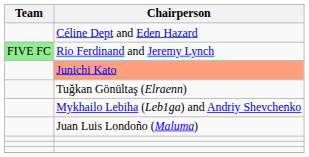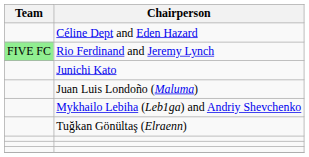 <table class="wikitable sortable" style="text-align: left;">
 <tr>
 <th>Team</th>
 <th>Chairperson</th>
 </tr>
 <tr>
 <td></td>
 <td> <a href='#'>Céline Dept</a> and <a href='#'>Eden Hazard</a></td>
 </tr>
 <tr>
 <td style="background: lightgreen;"> FIVE FC</td>
 <td> <a href='#'>Rio Ferdinand</a> and <a href='#'>Jeremy Lynch</a></td>
 </tr>
 <tr>
 <td></td>
-<td style="background: lightsalmon;"> <a href='#'>Junichi Kato</a></td>
+<td> <a href='#'>Junichi Kato</a></td>
 </tr>
 <tr>
 <td></td>
-<td> Tuğkan Gönültaş (<em>Elraenn</em>)</td>
+<td> Juan Luis Londoño (<em><a href='#'>Maluma</a></em>)</td>
 </tr>
 <tr>
 <td></td>
 <td> <a href='#'>Mykhailo Lebiha</a> (<em>Leb1ga</em>) and <a href='#'>Andriy Shevchenko</a></td>
 </tr>
 <tr>
 <td></td>
-<td> Juan Luis Londoño (<em><a href='#'>Maluma</a></em>)</td>
+<td> Tuğkan Gönültaş (<em>Elraenn</em>)</td>
 </tr>
 <tr>
 <td></td>
 <td></td>
 </tr>
 <tr>
 <td></td>
 <td></td>
 </tr>
 <tr>
 <td></td>
 <td></td>
 </tr>
 <tr>
 </tr>
 </table>
